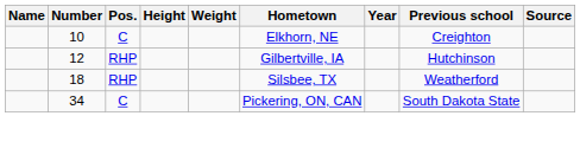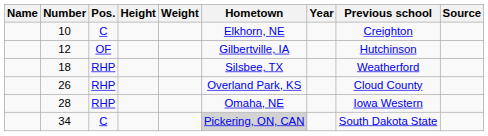 <table class="wikitable sortable sortable" style="text-align: center">
 <tr align=center>
 <th>Name</th>
 <th>Number</th>
 <th>Pos.</th>
 <th>Height</th>
 <th>Weight</th>
 <th>Hometown</th>
 <th>Year</th>
 <th>Previous school</th>
 <th>Source</th>
 </tr>
 <tr align="center">
 <td></td>
 <td>10</td>
 <td><a href='#'>C</a></td>
 <td></td>
 <td></td>
 <td><a href='#'>Elkhorn, NE</a></td>
 <td></td>
 <td><a href='#'>Creighton</a></td>
 <td></td>
 </tr>
 <tr align="center">
 <td></td>
 <td>12</td>
-<td><a href='#'>RHP</a></td>
+<td><a href='#'>OF</a></td>
 <td></td>
 <td></td>
 <td><a href='#'>Gilbertville, IA</a></td>
 <td></td>
 <td><a href='#'>Hutchinson</a></td>
 <td></td>
 </tr>
 <tr align="center">
 <td></td>
 <td>18</td>
 <td><a href='#'>RHP</a></td>
 <td></td>
 <td></td>
 <td><a href='#'>Silsbee, TX</a></td>
 <td></td>
 <td><a href='#'>Weatherford</a></td>
 <td></td>
 </tr>
 <tr align="center">
 <td></td>
+<td>26</td>
+<td><a href='#'>RHP</a></td>
+<td></td>
+<td></td>
+<td><a href='#'>Overland Park, KS</a></td>
+<td></td>
+<td><a href='#'>Cloud County</a></td>
+<td></td>
+</tr>
+<tr align="center">
+<td></td>
+<td>28</td>
+<td><a href='#'>RHP</a></td>
+<td></td>
+<td></td>
+<td><a href='#'>Omaha, NE</a></td>
+<td></td>
+<td><a href='#'>Iowa Western</a></td>
+<td></td>
+</tr>
+<tr align="center">
+<td></td>
 <td>34</td>
 <td><a href='#'>C</a></td>
 <td></td>
 <td></td>
-<td><a href='#'>Pickering, ON, CAN</a></td>
+<td style="background: lightgrey;"><a href='#'>Pickering, ON, CAN</a></td>
 <td></td>
 <td><a href='#'>South Dakota State</a></td>
 <td></td>
 </tr>
 </table>
